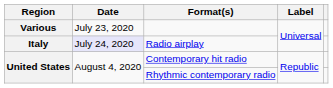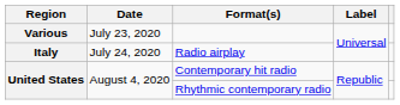 <table class="wikitable plainrowheaders">
 <tr>
 <th scope="col">Region</th>
 <th scope="col">Date</th>
 <th scope="col">Format(s)</th>
 <th scope="col">Label</th>
 <th scope="col"></th>
 </tr>
 <tr>
 <th scope="row">Various</th>
 <td>July 23, 2020</td>
 <td></td>
 <td rowspan="2"><a href='#'>Universal</a></td>
 <td style="text-align:center;"></td>
 </tr>
 <tr>
 <th scope="row">Italy</th>
-<td style="background: lavender;">July 24, 2020</td>
+<td>July 24, 2020</td>
 <td><a href='#'>Radio airplay</a></td>
 <td style="text-align:center;"></td>
 </tr>
 <tr>
 <th scope="row" rowspan="2">United States</th>
 <td rowspan="2">August 4, 2020</td>
 <td><a href='#'>Contemporary hit radio</a></td>
 <td rowspan="2"><a href='#'>Republic</a></td>
 <td style="text-align:center;"></td>
 </tr>
 <tr>
 <td><a href='#'>Rhythmic contemporary radio</a></td>
 <td style="text-align:center;"></td>
 </tr>
 </table>
